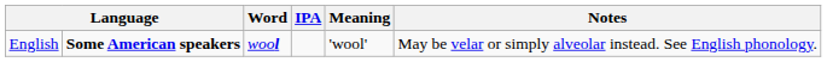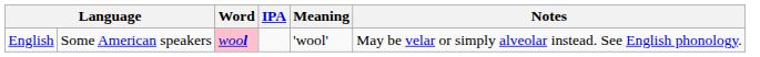 <table class="wikitable">
 <tr>
 <th colspan=2>Language</th>
 <th>Word</th>
 <th><a href='#'>IPA</a></th>
 <th>Meaning</th>
 <th>Notes</th>
 </tr>
 <tr>
 <td><a href='#'>English</a></td>
-<td><strong>Some <a href='#'>American</a> speakers</strong></td>
-<td><a href='#'><em>woo<strong>l<strong><em></a></td>
+<td>Some <a href='#'>American</a> speakers</td>
+<td style="background: pink;"><a href='#'><em>woo<strong>l<strong><em></a></td>
 <td align=center></td>
 <td>'wool'</td>
 <td>May be <a href='#'>velar</a> or simply <a href='#'>alveolar</a> instead. See <a href='#'>English phonology</a>.</td>
 </tr>
 </table>
